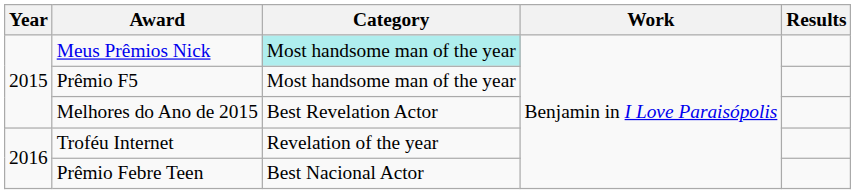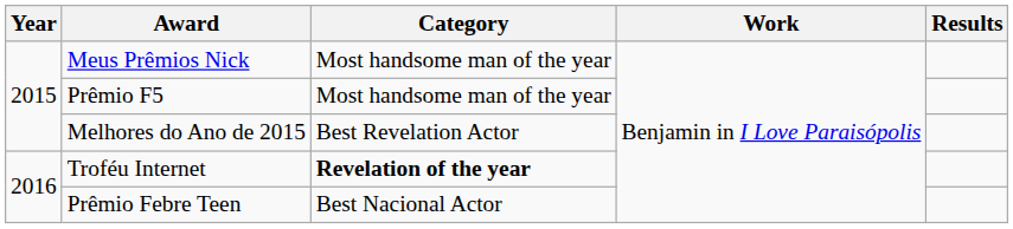 <table class="wikitable">
 <tr>
 <th>Year</th>
 <th>Award</th>
 <th>Category</th>
 <th>Work</th>
 <th>Results</th>
 </tr>
 <tr>
 <td rowspan="3">2015</td>
 <td><a href='#'>Meus Prêmios Nick</a></td>
-<td style="background: paleturquoise;">Most handsome man of the year</td>
+<td>Most handsome man of the year</td>
 <td rowspan="5">Benjamin in <em><a href='#'>I Love Paraisópolis</a></em></td>
 <td></td>
 </tr>
 <tr>
 <td>Prêmio F5 </td>
 <td>Most handsome man of the year</td>
 <td></td>
 </tr>
 <tr>
 <td>Melhores do Ano de 2015 </td>
 <td>Best Revelation Actor</td>
 <td></td>
 </tr>
 <tr>
 <td rowspan="2">2016</td>
 <td>Troféu Internet</td>
-<td>Revelation of the year</td>
+<td><strong>Revelation of the year</strong></td>
 <td></td>
 </tr>
 <tr>
 <td>Prêmio Febre Teen</td>
 <td>Best Nacional Actor</td>
 <td></td>
 </tr>
 </table>
